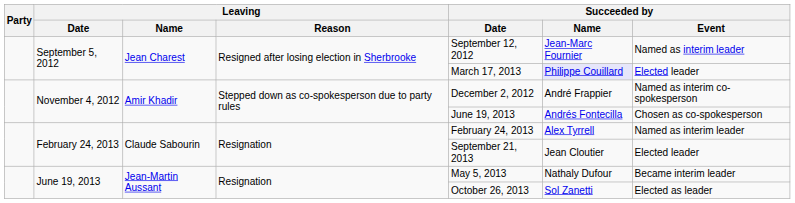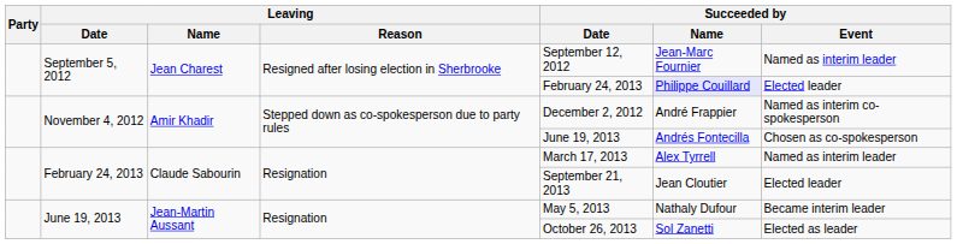 <table class="wikitable" style="border: none;">
 <tr>
 <th rowspan="2">Party</th>
 <th colspan="3">Leaving</th>
 <th colspan="3">Succeeded by</th>
 </tr>
 <tr>
 <th>Date</th>
 <th>Name</th>
 <th>Reason</th>
 <th>Date</th>
 <th>Name</th>
 <th>Event</th>
 </tr>
 <tr>
 <td rowspan="2"></td>
 <td rowspan="2">September 5, 2012</td>
 <td rowspan="2"><a href='#'>Jean Charest</a></td>
 <td rowspan="2">Resigned after losing election in <a href='#'>Sherbrooke</a></td>
 <td>September 12, 2012</td>
 <td><a href='#'>Jean-Marc Fournier</a></td>
 <td>Named as <a href='#'>interim leader</a></td>
 </tr>
 <tr>
-<td>March 17, 2013</td>
+<td>February 24, 2013</td>
 <td style="background: lavender;"><a href='#'>Philippe Couillard</a></td>
 <td><a href='#'>Elected</a> leader</td>
 </tr>
 <tr>
 <td rowspan="2"></td>
 <td rowspan="2">November 4, 2012</td>
 <td rowspan="2"><a href='#'>Amir Khadir</a></td>
 <td rowspan="2">Stepped down as co-spokesperson due to party rules</td>
 <td>December 2, 2012</td>
 <td>André Frappier</td>
 <td>Named as interim co-spokesperson</td>
 </tr>
 <tr>
 <td>June 19, 2013</td>
 <td><a href='#'>Andrés Fontecilla</a></td>
 <td>Chosen as co-spokesperson</td>
 </tr>
 <tr>
 <td rowspan="2"></td>
 <td rowspan="2">February 24, 2013</td>
 <td rowspan="2">Claude Sabourin</td>
 <td rowspan="2">Resignation</td>
-<td>February 24, 2013</td>
+<td>March 17, 2013</td>
 <td><a href='#'>Alex Tyrrell</a></td>
 <td>Named as interim leader</td>
 </tr>
 <tr>
 <td>September 21, 2013</td>
 <td>Jean Cloutier</td>
 <td>Elected leader</td>
 </tr>
 <tr>
 <td rowspan="2"></td>
 <td rowspan="2">June 19, 2013</td>
 <td rowspan="2"><a href='#'>Jean-Martin Aussant</a></td>
 <td rowspan="2">Resignation</td>
 <td>May 5, 2013</td>
 <td>Nathaly Dufour</td>
 <td>Became interim leader</td>
 </tr>
 <tr>
 <td>October 26, 2013</td>
 <td><a href='#'>Sol Zanetti</a></td>
 <td>Elected as leader</td>
 </tr>
 </table>
